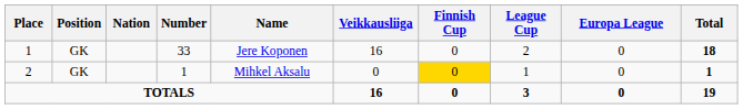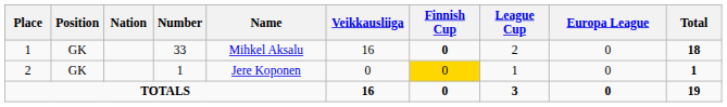 <table class="wikitable" style="font-size: 95%; text-align: center;">
 <tr>
 <th width=60>Place</th>
 <th width=60>Position</th>
 <th width=60>Nation</th>
 <th width=60>Number</th>
 <th width=200>Name</th>
 <th width=100><a href='#'>Veikkausliiga</a></th>
 <th width=100><a href='#'>Finnish Cup</a></th>
 <th width=100><a href='#'>League Cup</a></th>
 <th width=200><a href='#'>Europa League</a></th>
 <th width=80><strong>Total</strong></th>
 </tr>
 <tr>
 <td>1</td>
 <td>GK</td>
 <td></td>
 <td>33</td>
-<td><a href='#'>Jere Koponen</a></td>
+<td><a href='#'>Mihkel Aksalu</a></td>
 <td>16</td>
-<td>0</td>
+<td><strong>0</strong></td>
 <td>2</td>
 <td>0</td>
 <td><strong>18</strong></td>
 </tr>
 <tr>
 <td>2</td>
 <td>GK</td>
 <td></td>
 <td>1</td>
-<td><a href='#'>Mihkel Aksalu</a></td>
+<td><a href='#'>Jere Koponen</a></td>
 <td>0</td>
 <td style="background: gold;">0</td>
 <td>1</td>
 <td>0</td>
 <td><strong>1</strong></td>
 </tr>
 <tr>
 <td colspan="5"><strong>TOTALS</strong></td>
 <td><strong>16</strong></td>
 <td><strong>0</strong></td>
 <td><strong>3</strong></td>
 <td><strong>0</strong></td>
 <td><strong>19</strong></td>
 </tr>
 </table>
